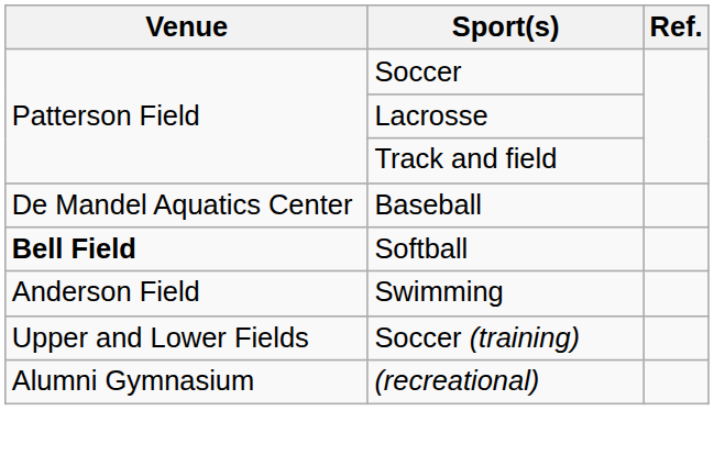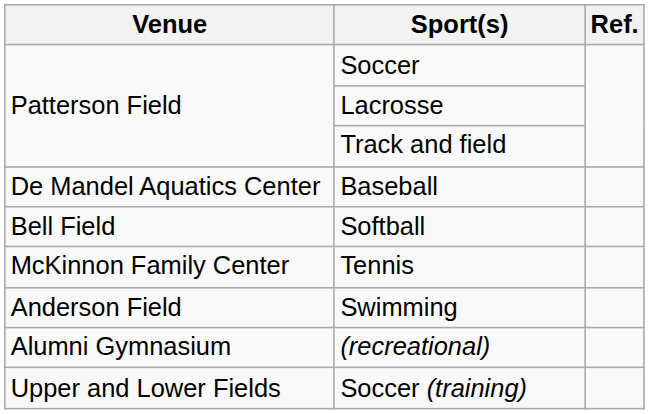 <table class="wikitable"; style= "text-align: ">
 <tr>
 <th width=200px>Venue</th>
 <th width=150px>Sport(s)</th>
 <th width=px>Ref.</th>
 </tr>
 <tr>
 <td rowspan=3>Patterson Field</td>
 <td>Soccer</td>
 <td rowspan=3></td>
 </tr>
 <tr>
 <td>Lacrosse</td>
 </tr>
 <tr>
 <td>Track and field</td>
 </tr>
 <tr>
 <td>De Mandel Aquatics Center</td>
 <td>Baseball</td>
 <td></td>
 </tr>
 <tr>
-<td><strong>Bell Field</strong></td>
+<td>Bell Field</td>
 <td>Softball</td>
+<td></td>
+</tr>
+<tr>
+<td>McKinnon Family Center</td>
+<td>Tennis</td>
 <td></td>
 </tr>
 <tr>
 <td>Anderson Field</td>
 <td>Swimming</td>
 <td></td>
 </tr>
 <tr>
+<td>Alumni Gymnasium</td>
+<td><em>(recreational)</em></td>
+<td></td>
+</tr>
+<tr>
 <td>Upper and Lower Fields</td>
 <td>Soccer <em>(training)</em></td>
 <td></td>
 </tr>
-<tr>
-<td>Alumni Gymnasium</td>
-<td><em>(recreational)</em></td>
-<td></td>
-</tr>
 </table>
